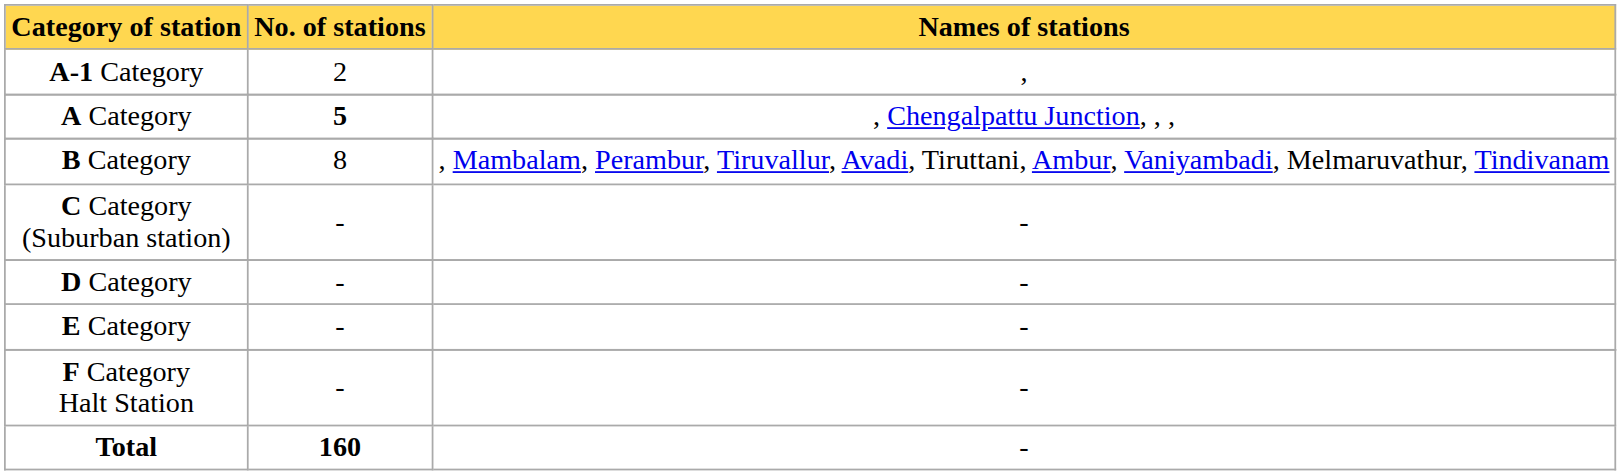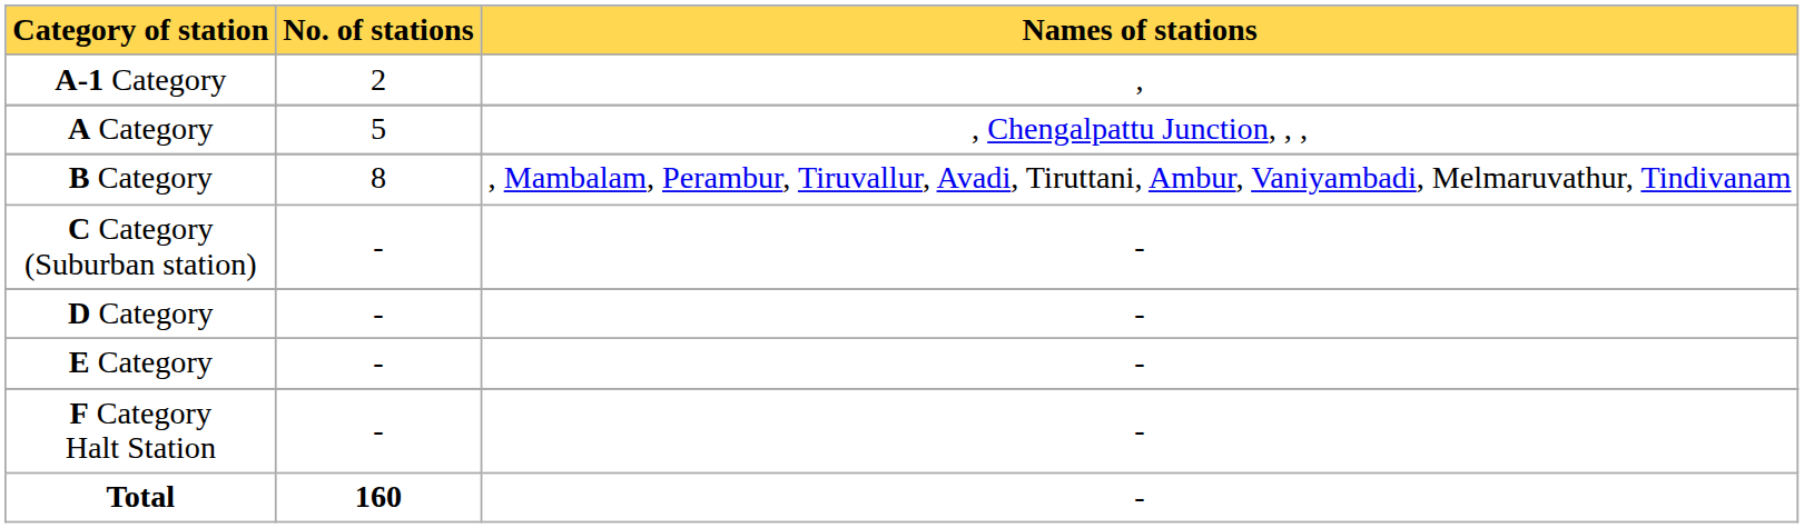 <table class="wikitable sortable" style="background:#fff;">
 <tr>
 <th style="background:#ffd750;" !>Category of station</th>
 <th style="background:#ffd750;" !>No. of stations</th>
 <th style="background:#ffd750;" !>Names of stations</th>
 </tr>
 <tr>
 <td style="text-align:center;"><strong>A-1</strong> Category</td>
 <td style="text-align:center;">2</td>
 <td style="text-align:center;">,  </td>
 </tr>
 <tr>
 </tr>
 <tr>
 <td style="text-align:center;"><strong>A</strong> Category</td>
-<td style="text-align:center;"><strong>5</strong></td>
+<td style="text-align:center;">5</td>
 <td style="text-align:center;">, <a href='#'>Chengalpattu Junction</a>, ,  ,  </td>
 </tr>
 <tr>
 </tr>
 <tr>
 <td style="text-align:center;"><strong>B</strong> Category</td>
 <td style="text-align:center;">8</td>
 <td style="text-align:center;">, <a href='#'>Mambalam</a>, <a href='#'>Perambur</a>, <a href='#'>Tiruvallur</a>, <a href='#'>Avadi</a>, Tiruttani, <a href='#'>Ambur</a>, <a href='#'>Vaniyambadi</a>, Melmaruvathur, <a href='#'>Tindivanam</a></td>
 </tr>
 <tr>
 <td style="text-align:center;"><strong>C</strong> Category<br>(Suburban station)</td>
 <td style="text-align:center;">-</td>
 <td style="text-align:center;">-</td>
 </tr>
 <tr>
 </tr>
 <tr>
 <td style="text-align:center;"><strong>D</strong> Category</td>
 <td style="text-align:center;">-</td>
 <td style="text-align:center;">-</td>
 </tr>
 <tr>
 <td style="text-align:center;"><strong>E</strong> Category</td>
 <td style="text-align:center;">-</td>
 <td style="text-align:center;">-</td>
 </tr>
 <tr>
 </tr>
 <tr>
 <td style="text-align:center;"><strong>F</strong> Category<br>Halt Station</td>
 <td style="text-align:center;">-</td>
 <td style="text-align:center;">-</td>
 </tr>
 <tr>
 <td style="text-align:center;"><strong>Total</strong></td>
 <td style="text-align:center;"><strong>160</strong></td>
 <td style="text-align:center;">-</td>
 </tr>
 </table>
